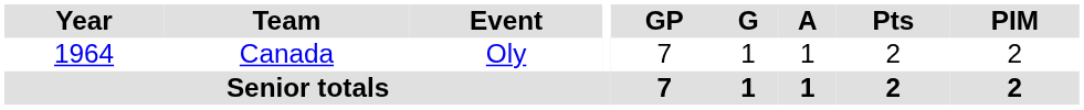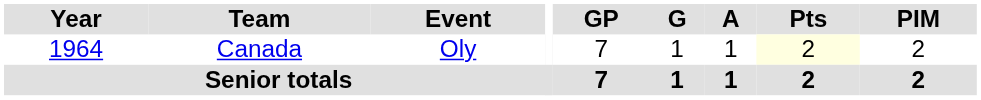 <table border="0" cellpadding="1" cellspacing="0" ID="Table3" style="text-align:center; width:40em">
 <tr bgcolor="#e0e0e0">
 <th>Year</th>
 <th>Team</th>
 <th>Event</th>
 <th rowspan="102" bgcolor="#ffffff"></th>
 <th>GP</th>
 <th>G</th>
 <th>A</th>
 <th>Pts</th>
 <th>PIM</th>
 </tr>
 <tr>
 <td><a href='#'>1964</a></td>
 <td><a href='#'>Canada</a></td>
 <td><a href='#'>Oly</a></td>
 <td>7</td>
 <td>1</td>
 <td>1</td>
-<td>2</td>
+<td style="background: lightyellow;">2</td>
 <td>2</td>
 </tr>
 <tr bgcolor="#e0e0e0">
 <th colspan="4">Senior totals</th>
 <th>7</th>
 <th>1</th>
 <th>1</th>
 <th>2</th>
 <th>2</th>
 </tr>
 </table>
